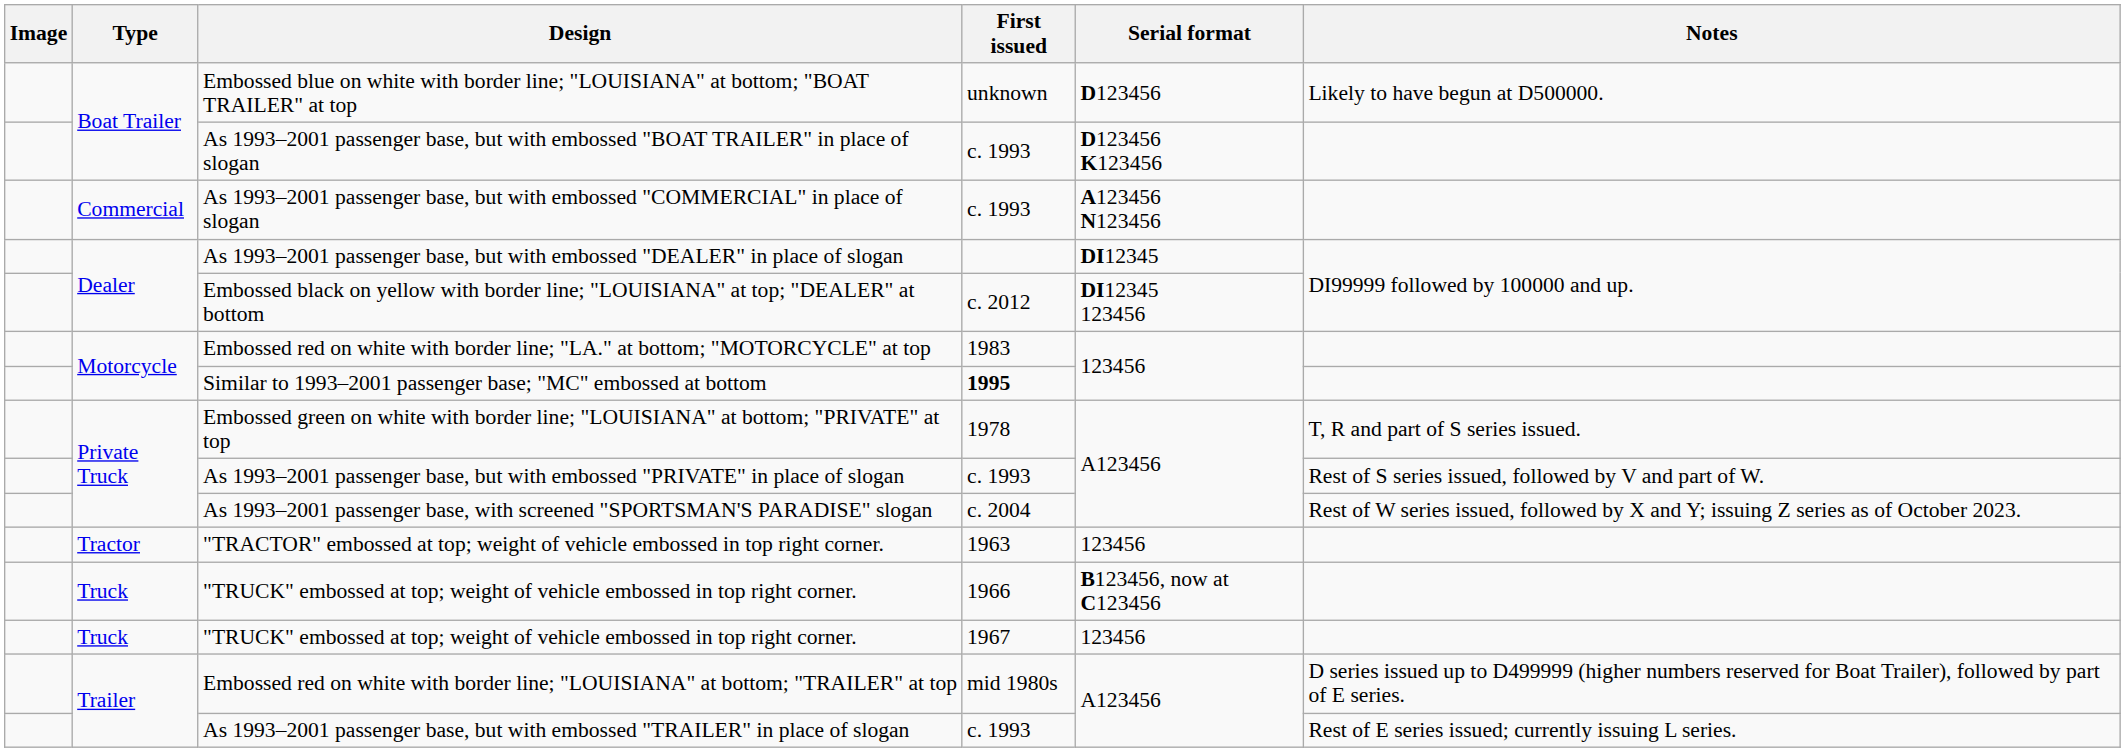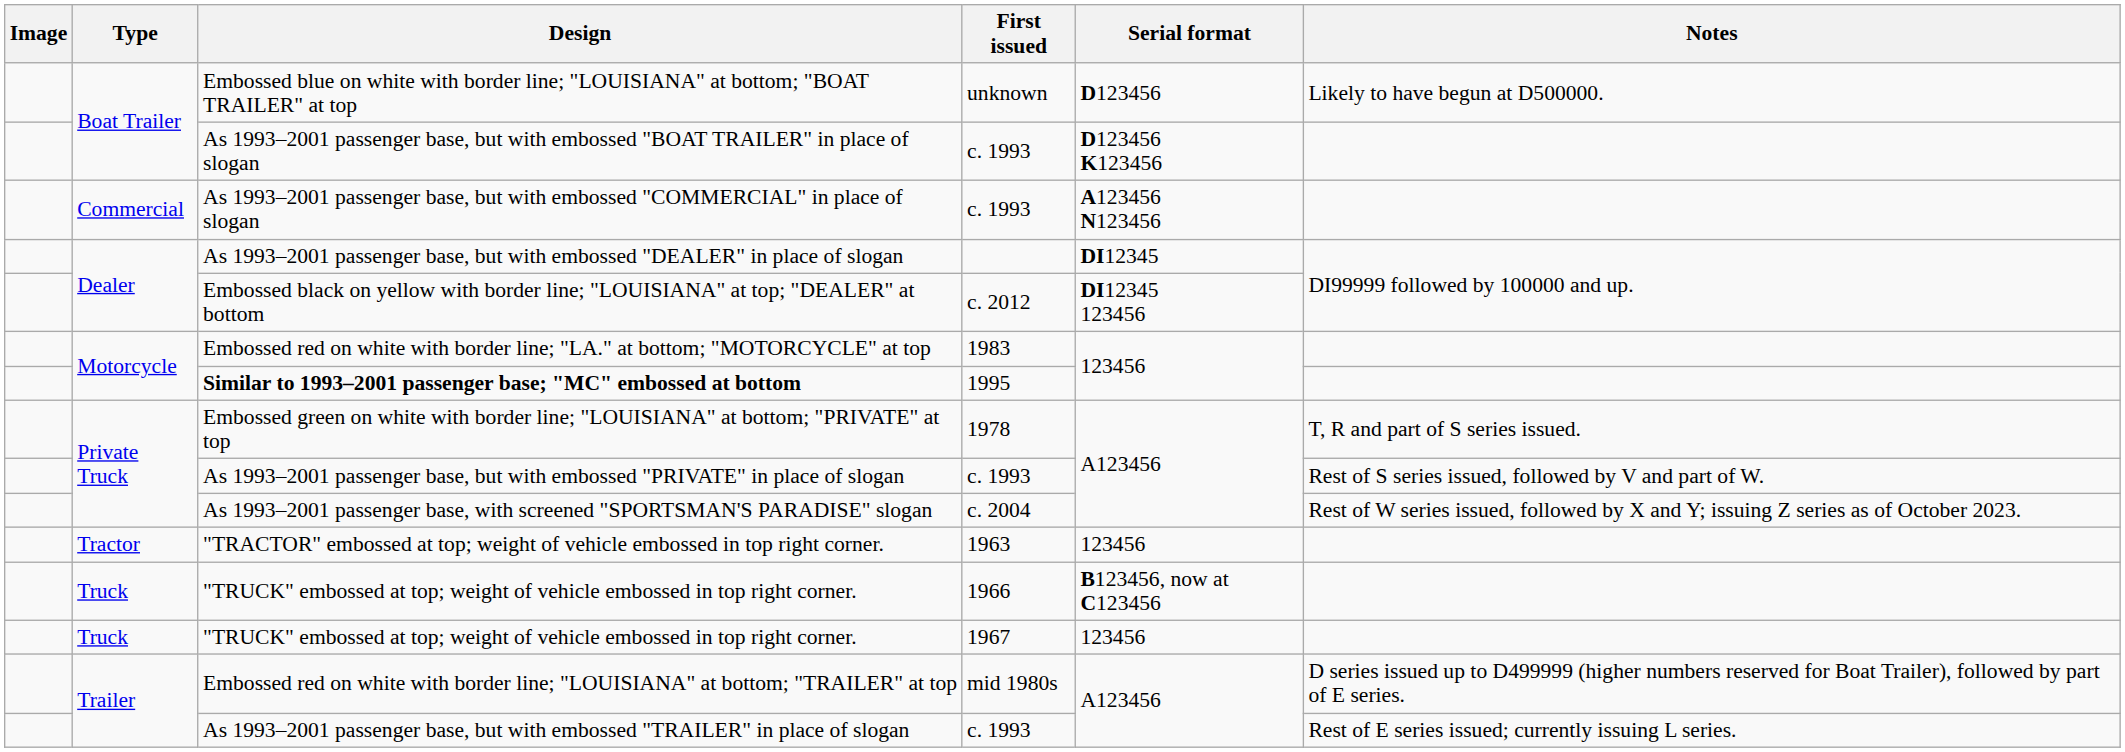 <table class=wikitable>
 <tr>
 <th>Image</th>
 <th>Type</th>
 <th>Design</th>
 <th>First issued</th>
 <th>Serial format</th>
 <th>Notes</th>
 </tr>
 <tr>
 <td></td>
 <td rowspan="2"><a href='#'>Boat Trailer</a></td>
 <td>Embossed blue on white with border line; "LOUISIANA" at bottom; "BOAT TRAILER" at top</td>
 <td>unknown</td>
 <td><strong>D</strong>123456</td>
 <td>Likely to have begun at D500000.</td>
 </tr>
 <tr>
 <td></td>
 <td>As 1993–2001 passenger base, but with embossed "BOAT TRAILER" in place of slogan</td>
 <td>c. 1993</td>
 <td><strong>D</strong>123456<br><strong>K</strong>123456</td>
 <td></td>
 </tr>
 <tr>
 <td></td>
 <td><a href='#'>Commercial</a></td>
 <td>As 1993–2001 passenger base, but with embossed "COMMERCIAL" in place of slogan</td>
 <td>c. 1993</td>
 <td><strong>A</strong>123456<br><strong>N</strong>123456</td>
 <td></td>
 </tr>
 <tr>
 <td></td>
 <td rowspan="2"><a href='#'>Dealer</a></td>
 <td>As 1993–2001 passenger base, but with embossed "DEALER" in place of slogan</td>
 <td></td>
 <td><strong>DI</strong>12345</td>
 <td rowspan="2">DI99999 followed by 100000 and up.</td>
 </tr>
 <tr>
 <td></td>
 <td>Embossed black on yellow with border line; "LOUISIANA" at top; "DEALER" at bottom</td>
 <td>c. 2012</td>
 <td><strong>DI</strong>12345<br>123456</td>
 </tr>
 <tr>
 <td></td>
 <td rowspan="2"><a href='#'>Motorcycle</a></td>
 <td>Embossed red on white with border line; "LA." at bottom; "MOTORCYCLE" at top</td>
 <td>1983</td>
 <td rowspan="2">123456</td>
 <td></td>
 </tr>
 <tr>
 <td></td>
-<td>Similar to 1993–2001 passenger base; "MC" embossed at bottom</td>
-<td><strong>1995</strong></td>
+<td><strong>Similar to 1993–2001 passenger base; "MC" embossed at bottom</strong></td>
+<td>1995</td>
 <td></td>
 </tr>
 <tr>
 <td></td>
 <td rowspan="3"><a href='#'>Private Truck</a></td>
 <td>Embossed green on white with border line; "LOUISIANA" at bottom; "PRIVATE" at top</td>
 <td>1978</td>
 <td rowspan="3">A123456</td>
 <td>T, R and part of S series issued.</td>
 </tr>
 <tr>
 <td></td>
 <td>As 1993–2001 passenger base, but with embossed "PRIVATE" in place of slogan</td>
 <td>c. 1993</td>
 <td>Rest of S series issued, followed by V and part of W.</td>
 </tr>
 <tr>
 <td></td>
 <td>As 1993–2001 passenger base, with screened "SPORTSMAN'S PARADISE" slogan</td>
 <td>c. 2004</td>
 <td>Rest of W series issued, followed by X and Y; issuing Z series as of October 2023.</td>
 </tr>
 <tr>
 <td></td>
 <td><a href='#'>Tractor</a></td>
 <td>"TRACTOR" embossed at top; weight of vehicle embossed in top right corner.</td>
 <td>1963</td>
 <td>123456</td>
 <td></td>
 </tr>
 <tr>
 <td></td>
 <td><a href='#'>Truck</a></td>
 <td>"TRUCK" embossed at top; weight of vehicle embossed in top right corner.</td>
 <td>1966</td>
 <td><strong>B</strong>123456, now at <strong>C</strong>123456</td>
 <td></td>
 </tr>
 <tr>
 <td></td>
 <td><a href='#'>Truck</a></td>
 <td>"TRUCK" embossed at top; weight of vehicle embossed in top right corner.</td>
 <td>1967</td>
 <td>123456</td>
 <td></td>
 </tr>
 <tr>
 <td></td>
 <td rowspan="2"><a href='#'>Trailer</a></td>
 <td>Embossed red on white with border line; "LOUISIANA" at bottom; "TRAILER" at top</td>
 <td>mid 1980s</td>
 <td rowspan="2">A123456</td>
 <td>D series issued up to D499999 (higher numbers reserved for Boat Trailer), followed by part of E series.</td>
 </tr>
 <tr>
 <td></td>
 <td>As 1993–2001 passenger base, but with embossed "TRAILER" in place of slogan</td>
 <td>c. 1993</td>
 <td>Rest of E series issued; currently issuing L series.</td>
 </tr>
 </table>
